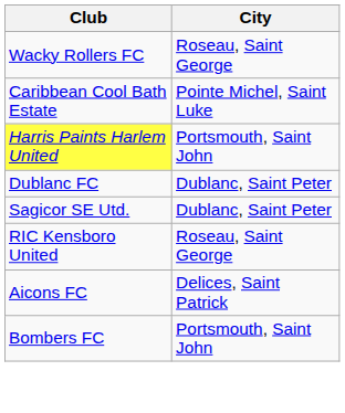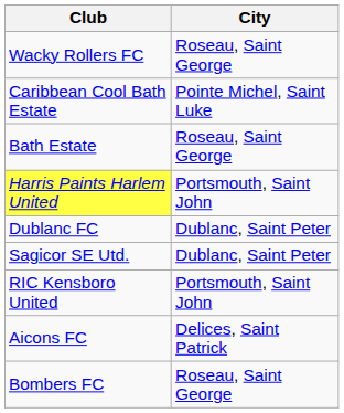 <table class="wikitable">
 <tr>
 <th width="150px">Club</th>
 <th width="150px">City</th>
 </tr>
 <tr>
 <td><a href='#'>Wacky Rollers FC</a></td>
 <td><a href='#'>Roseau</a>, <a href='#'>Saint George</a></td>
 </tr>
 <tr>
 <td><a href='#'>Caribbean Cool Bath Estate</a></td>
 <td><a href='#'>Pointe Michel</a>, <a href='#'>Saint Luke</a></td>
+</tr>
+<tr>
+<td><a href='#'>Bath Estate</a></td>
+<td><a href='#'>Roseau</a>, <a href='#'>Saint George</a></td>
 </tr>
 <tr>
 <td style="background:#FFFF44"><em><a href='#'>Harris Paints Harlem United</a></em></td>
 <td><a href='#'>Portsmouth</a>, <a href='#'>Saint John</a></td>
 </tr>
 <tr>
 <td><a href='#'>Dublanc FC</a></td>
 <td><a href='#'>Dublanc</a>, <a href='#'>Saint Peter</a></td>
 </tr>
 <tr>
 <td><a href='#'>Sagicor SE Utd.</a></td>
 <td><a href='#'>Dublanc</a>, <a href='#'>Saint Peter</a></td>
 </tr>
 <tr>
 <td><a href='#'>RIC Kensboro United</a></td>
-<td><a href='#'>Roseau</a>, <a href='#'>Saint George</a></td>
+<td><a href='#'>Portsmouth</a>, <a href='#'>Saint John</a></td>
 </tr>
 <tr>
 <td><a href='#'>Aicons FC</a></td>
 <td><a href='#'>Delices</a>, <a href='#'>Saint Patrick</a></td>
 </tr>
 <tr>
 <td><a href='#'>Bombers FC</a></td>
-<td><a href='#'>Portsmouth</a>, <a href='#'>Saint John</a></td>
+<td><a href='#'>Roseau</a>, <a href='#'>Saint George</a></td>
 </tr>
 </table>
